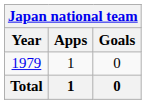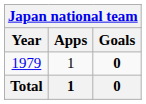 <table class="wikitable" style="text-align:center">
 <tr>
 <th colspan=3><a href='#'>Japan national team</a></th>
 </tr>
 <tr>
 <th>Year</th>
 <th>Apps</th>
 <th>Goals</th>
 </tr>
 <tr>
 <td><a href='#'>1979</a></td>
 <td>1</td>
-<td>0</td>
+<td><strong>0</strong></td>
 </tr>
 <tr>
 <th>Total</th>
 <th>1</th>
 <th>0</th>
 </tr>
 </table>
